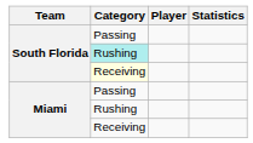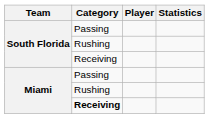 <table class="wikitable" style="float:right">
 <tr>
 <th>Team</th>
 <th>Category</th>
 <th>Player</th>
 <th>Statistics</th>
 </tr>
 <tr>
 <th rowspan=3>South Florida</th>
 <td>Passing</td>
 <td></td>
 <td></td>
 </tr>
 <tr>
-<td style="background: paleturquoise;">Rushing</td>
+<td>Rushing</td>
 <td></td>
 <td></td>
 </tr>
 <tr>
-<td style="background: lightyellow;">Receiving</td>
+<td>Receiving</td>
 <td></td>
 <td></td>
 </tr>
 <tr>
 <th rowspan=3>Miami</th>
 <td>Passing</td>
 <td></td>
 <td></td>
 </tr>
 <tr>
 <td>Rushing</td>
 <td></td>
 <td></td>
 </tr>
 <tr>
-<td>Receiving</td>
+<td><strong>Receiving</strong></td>
 <td></td>
 <td></td>
 </tr>
 </table>
